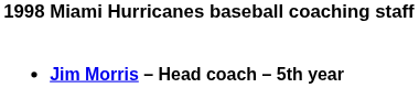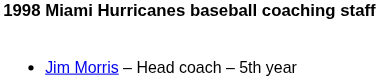 <table class="toccolours">
 <tr>
 <th colspan=9>1998 Miami Hurricanes baseball coaching staff</th>
 </tr>
 <tr>
-<td style="text-align: left; font-size: 95%;" valign="top"><strong><br><ul><li><a href='#'>Jim Morris</a> – Head coach – 5th year</li></ul></strong></td>
+<td style="text-align: left; font-size: 95%;" valign="top"><br><ul><li><a href='#'>Jim Morris</a> – Head coach – 5th year</li></ul></td>
 </tr>
 </table>
